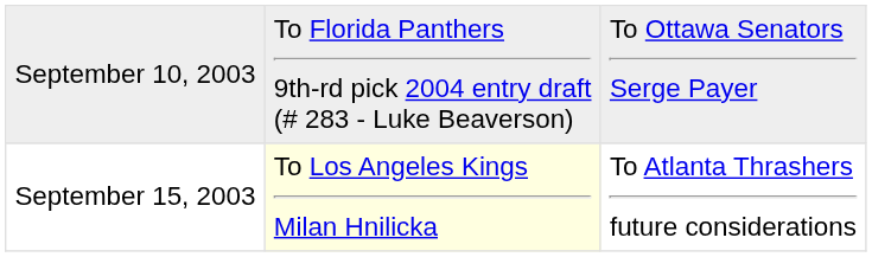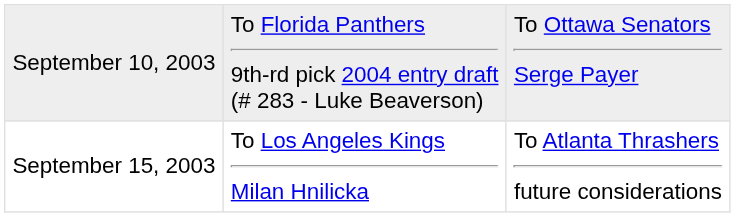 <table border=1 style="border-collapse:collapse" bordercolor="#DFDFDF"  cellpadding="5">
 <tr bgcolor="#eeeeee">
 <td>September 10, 2003</td>
 <td valign="top">To <a href='#'>Florida Panthers</a><hr>9th-rd pick <a href='#'>2004 entry draft</a><br>(# 283 - Luke Beaverson)</td>
 <td valign="top">To <a href='#'>Ottawa Senators</a><hr><a href='#'>Serge Payer</a></td>
 </tr>
 <tr>
 <td>September 15, 2003</td>
-<td valign="top" style="background: lightyellow;">To <a href='#'>Los Angeles Kings</a><hr><a href='#'>Milan Hnilicka</a></td>
+<td valign="top">To <a href='#'>Los Angeles Kings</a><hr><a href='#'>Milan Hnilicka</a></td>
 <td valign="top">To <a href='#'>Atlanta Thrashers</a><hr>future considerations</td>
 </tr>
 </table>
